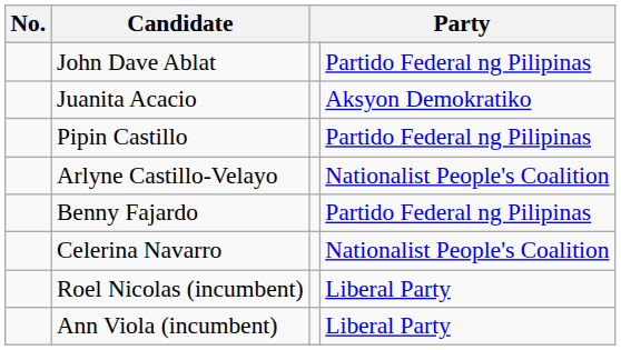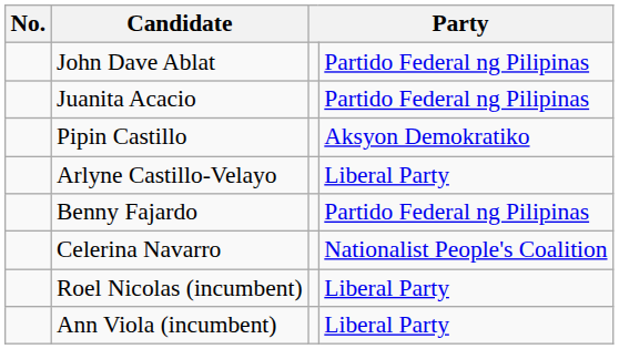 <table class="wikitable sortable" style="text-align:left;">
 <tr>
 <th>No.</th>
 <th>Candidate</th>
 <th colspan="2">Party</th>
 </tr>
 <tr>
 <td></td>
 <td>John Dave Ablat</td>
 <td></td>
 <td><a href='#'>Partido Federal ng Pilipinas</a></td>
 </tr>
 <tr>
 <td></td>
 <td>Juanita Acacio</td>
 <td></td>
-<td><a href='#'>Aksyon Demokratiko</a></td>
+<td><a href='#'>Partido Federal ng Pilipinas</a></td>
 </tr>
 <tr>
 <td></td>
 <td>Pipin Castillo</td>
 <td></td>
-<td><a href='#'>Partido Federal ng Pilipinas</a></td>
+<td><a href='#'>Aksyon Demokratiko</a></td>
 </tr>
 <tr>
 <td></td>
 <td>Arlyne Castillo-Velayo</td>
 <td></td>
-<td><a href='#'>Nationalist People's Coalition</a></td>
+<td><a href='#'>Liberal Party</a></td>
 </tr>
 <tr>
 <td></td>
 <td>Benny Fajardo</td>
 <td></td>
 <td><a href='#'>Partido Federal ng Pilipinas</a></td>
 </tr>
 <tr>
 <td></td>
 <td>Celerina Navarro</td>
 <td></td>
 <td><a href='#'>Nationalist People's Coalition</a></td>
 </tr>
 <tr>
 <td></td>
 <td>Roel Nicolas (incumbent)</td>
 <td></td>
 <td><a href='#'>Liberal Party</a></td>
 </tr>
 <tr>
 <td></td>
 <td>Ann Viola (incumbent)</td>
 <td></td>
 <td><a href='#'>Liberal Party</a></td>
 </tr>
 </table>
